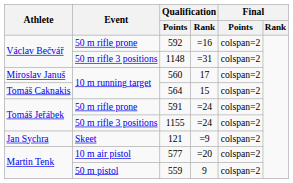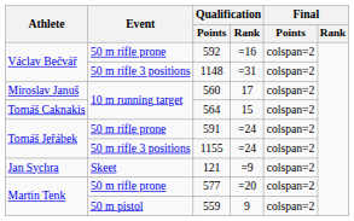 <table class="wikitable" style="font-size:90%">
 <tr>
 <th rowspan="2">Athlete</th>
 <th rowspan="2">Event</th>
 <th colspan=2>Qualification</th>
 <th colspan=2>Final</th>
 </tr>
 <tr style="font-size:95%">
 <th>Points</th>
 <th>Rank</th>
 <th>Points</th>
 <th>Rank</th>
 </tr>
 <tr align=center>
 <td align=left rowspan=2><a href='#'>Václav Bečvář</a></td>
 <td align=left><a href='#'>50 m rifle prone</a></td>
 <td>592</td>
 <td>=16</td>
 <td>colspan=2 </td>
 </tr>
 <tr align=center>
 <td align=left><a href='#'>50 m rifle 3 positions</a></td>
 <td>1148</td>
 <td>=31</td>
 <td>colspan=2 </td>
 </tr>
 <tr align=center>
 <td align=left><a href='#'>Miroslav Januš</a></td>
 <td align=left rowspan=2><a href='#'>10 m running target</a></td>
 <td>560</td>
 <td>17</td>
 <td>colspan=2 </td>
 </tr>
 <tr align=center>
 <td align=left><a href='#'>Tomáš Caknakis</a></td>
 <td>564</td>
 <td>15</td>
 <td>colspan=2 </td>
 </tr>
 <tr align=center>
 <td align=left rowspan=2><a href='#'>Tomáš Jeřábek</a></td>
 <td align=left><a href='#'>50 m rifle prone</a></td>
 <td>591</td>
 <td>=24</td>
 <td>colspan=2 </td>
 </tr>
 <tr align=center>
 <td align=left><a href='#'>50 m rifle 3 positions</a></td>
 <td>1155</td>
 <td>=24</td>
 <td>colspan=2 </td>
 </tr>
 <tr align=center>
 <td align=left><a href='#'>Jan Sychra</a></td>
 <td align=left><a href='#'>Skeet</a></td>
 <td>121</td>
 <td>=9</td>
 <td>colspan=2 </td>
 </tr>
 <tr align=center>
 <td align=left rowspan=2><a href='#'>Martin Tenk</a></td>
-<td align=left><a href='#'>10 m air pistol</a></td>
+<td align=left><a href='#'>50 m rifle prone</a></td>
 <td>577</td>
 <td>=20</td>
 <td>colspan=2 </td>
 </tr>
 <tr align=center>
 <td align=left><a href='#'>50 m pistol</a></td>
 <td>559</td>
 <td>9</td>
 <td>colspan=2 </td>
 </tr>
 </table>
